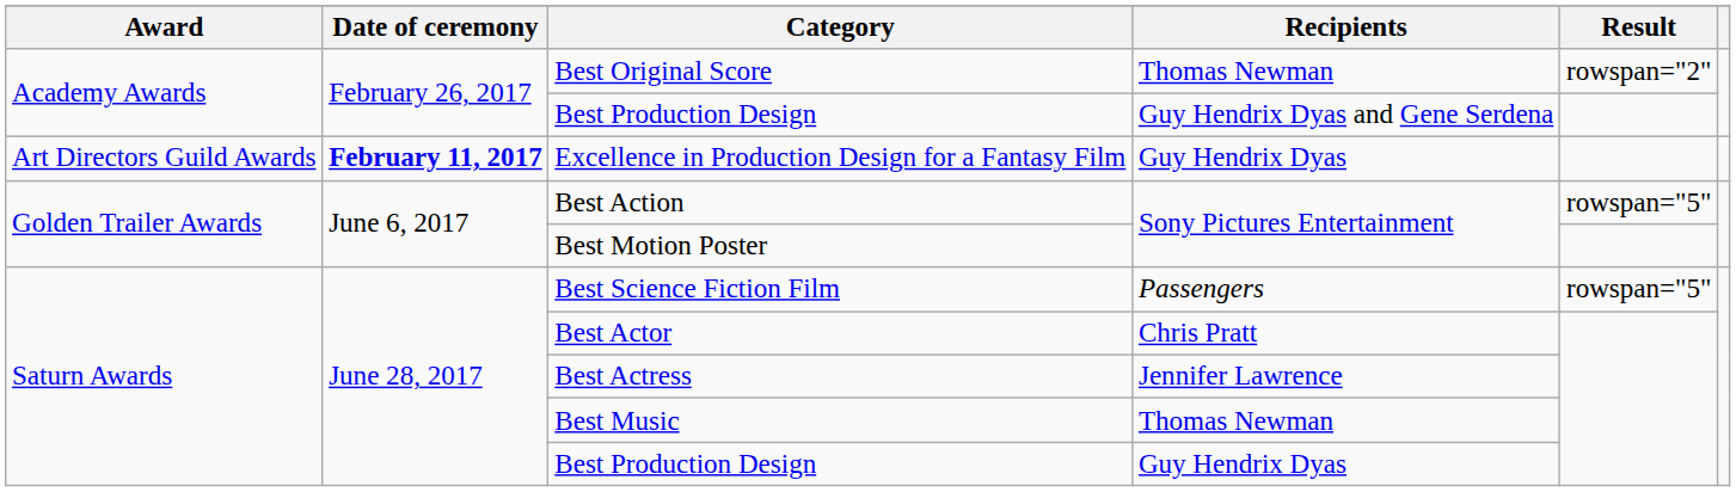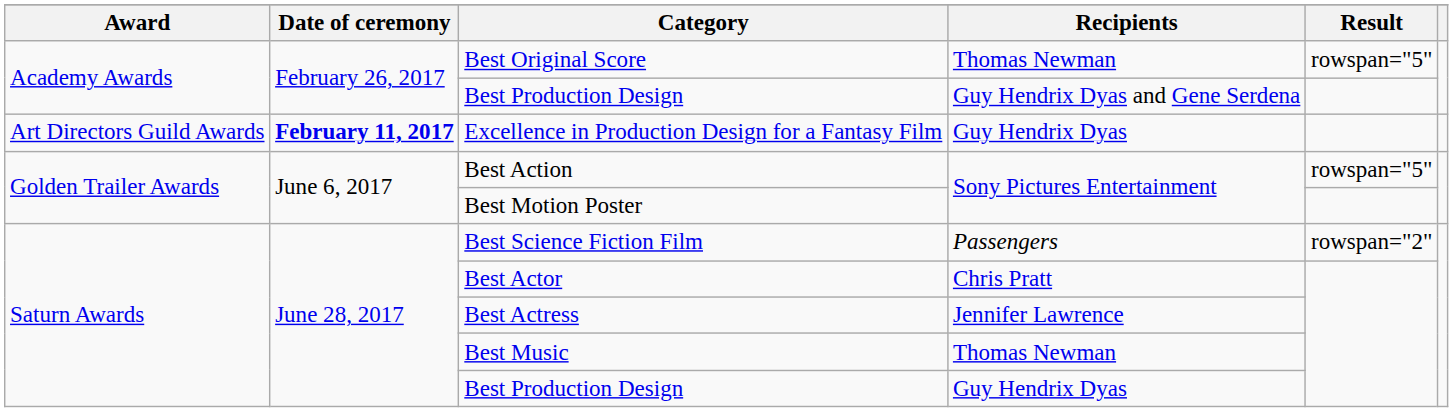 <table class="wikitable">
 <tr>
 </tr>
 <tr>
 <th>Award</th>
 <th>Date of ceremony</th>
 <th>Category</th>
 <th>Recipients</th>
 <th>Result</th>
 <th class="unsortable"></th>
 </tr>
 <tr>
 <td rowspan="2"><a href='#'>Academy Awards</a></td>
 <td rowspan="2"><a href='#'>February 26, 2017</a></td>
 <td><a href='#'>Best Original Score</a></td>
 <td><a href='#'>Thomas Newman</a></td>
-<td>rowspan="2" </td>
+<td>rowspan="5" </td>
 <td rowspan="2" style="text-align:center;"></td>
 </tr>
 <tr>
 <td><a href='#'>Best Production Design</a></td>
 <td><a href='#'>Guy Hendrix Dyas</a> and <a href='#'>Gene Serdena</a></td>
 </tr>
 <tr>
 <td><a href='#'>Art Directors Guild Awards</a></td>
 <td><strong><a href='#'>February 11, 2017</a></strong></td>
 <td><a href='#'>Excellence in Production Design for a Fantasy Film</a></td>
 <td><a href='#'>Guy Hendrix Dyas</a></td>
 <td></td>
 <td style="text-align:center;"></td>
 </tr>
 <tr>
 <td rowspan="2"><a href='#'>Golden Trailer Awards</a></td>
 <td rowspan="2">June 6, 2017</td>
 <td>Best Action</td>
 <td rowspan="2"><a href='#'>Sony Pictures Entertainment</a></td>
 <td>rowspan="5" </td>
 <td rowspan="2" style="text-align:center;"></td>
 </tr>
 <tr>
 <td>Best Motion Poster</td>
 </tr>
 <tr>
 <td rowspan="5"><a href='#'>Saturn Awards</a></td>
 <td rowspan="5"><a href='#'>June 28, 2017</a></td>
 <td><a href='#'>Best Science Fiction Film</a></td>
 <td><em>Passengers</em></td>
-<td>rowspan="5" </td>
+<td>rowspan="2" </td>
 <td rowspan="5" style="text-align:center;"></td>
 </tr>
 <tr>
 <td><a href='#'>Best Actor</a></td>
 <td><a href='#'>Chris Pratt</a></td>
 </tr>
 <tr>
 <td><a href='#'>Best Actress</a></td>
 <td><a href='#'>Jennifer Lawrence</a></td>
 </tr>
 <tr>
 <td><a href='#'>Best Music</a></td>
 <td><a href='#'>Thomas Newman</a></td>
 </tr>
 <tr>
 <td><a href='#'>Best Production Design</a></td>
 <td><a href='#'>Guy Hendrix Dyas</a></td>
 </tr>
 </table>
